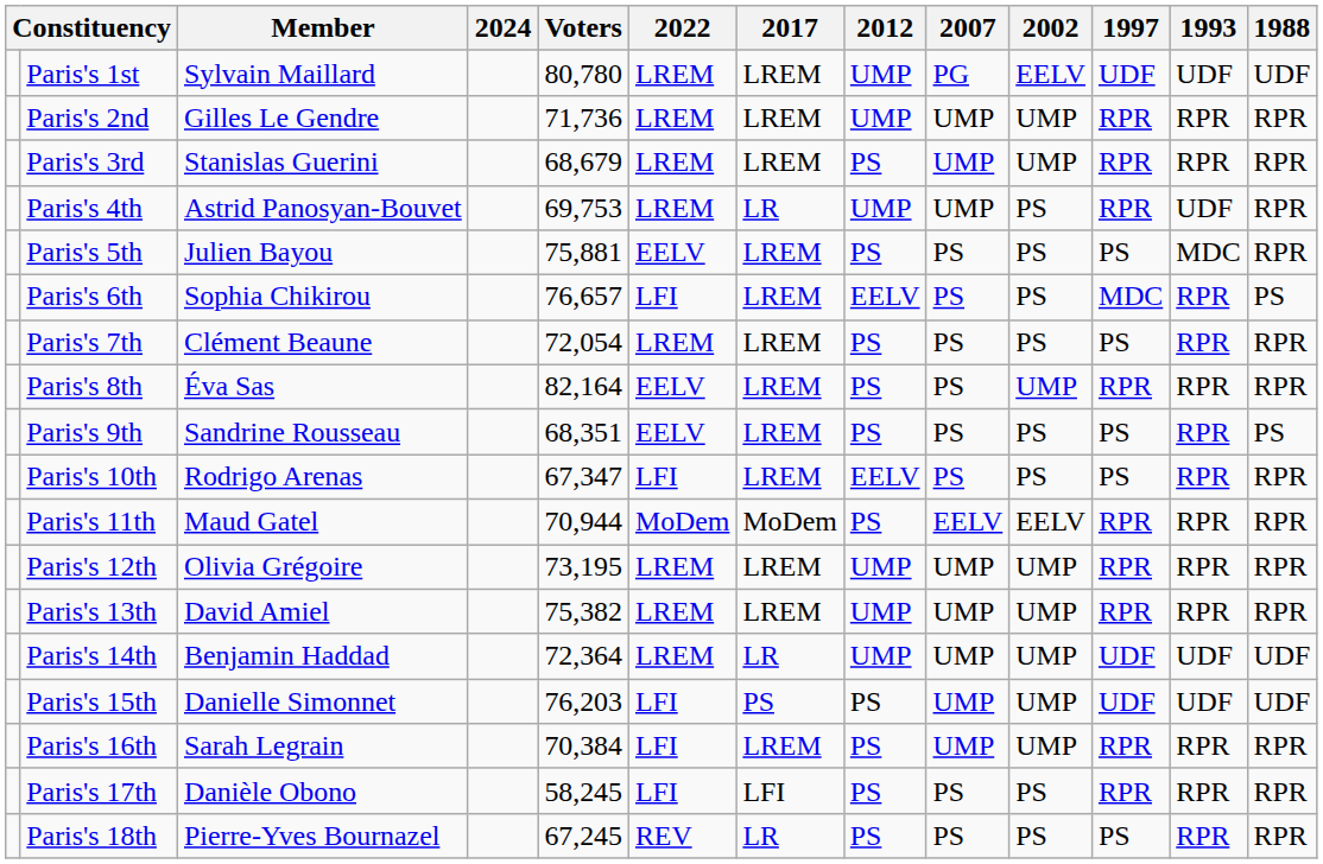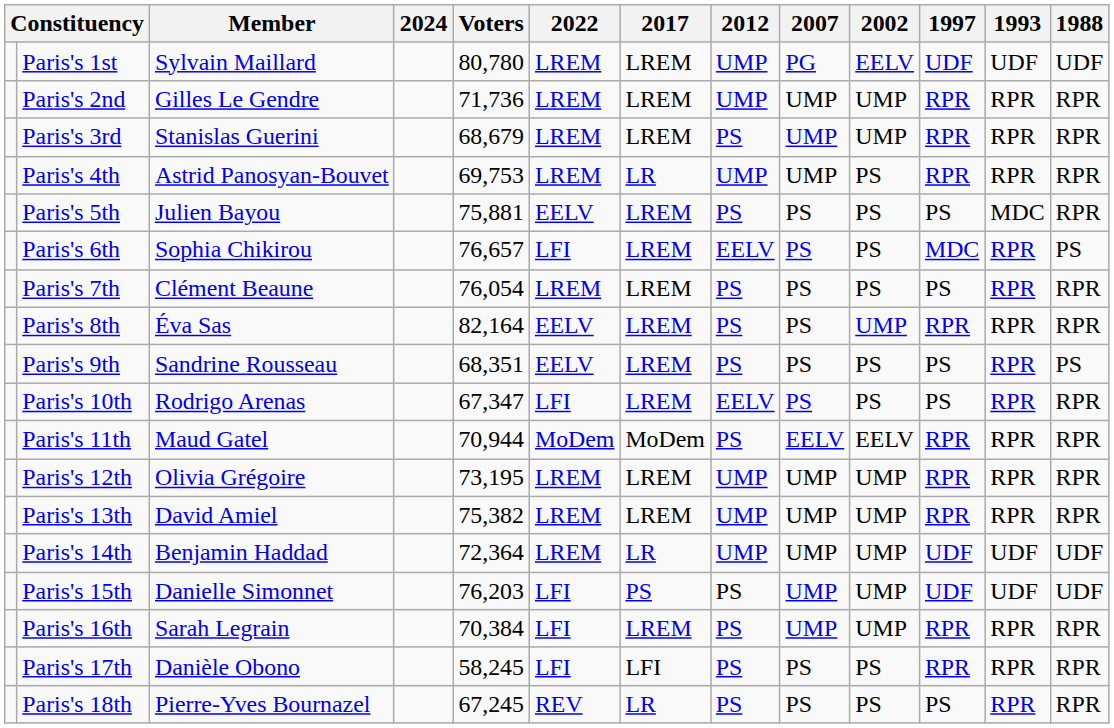 <table class="wikitable sortable">
 <tr>
 <th colspan="2">Constituency</th>
 <th>Member</th>
 <th>2024</th>
 <th>Voters</th>
 <th>2022</th>
 <th>2017</th>
 <th>2012</th>
 <th>2007</th>
 <th>2002</th>
 <th>1997</th>
 <th>1993</th>
 <th>1988</th>
 </tr>
 <tr>
 <td style="background-color: "></td>
 <td><a href='#'>Paris's 1st</a></td>
 <td><a href='#'>Sylvain Maillard</a></td>
 <td></td>
 <td>80,780</td>
 <td><a href='#'>LREM</a></td>
 <td>LREM</td>
 <td><a href='#'>UMP</a></td>
 <td><a href='#'>PG</a></td>
 <td><a href='#'>EELV</a></td>
 <td><a href='#'>UDF</a></td>
 <td>UDF</td>
 <td>UDF</td>
 </tr>
 <tr>
 <td style="background-color: "></td>
 <td><a href='#'>Paris's 2nd</a></td>
 <td><a href='#'>Gilles Le Gendre</a></td>
 <td></td>
 <td>71,736</td>
 <td><a href='#'>LREM</a></td>
 <td>LREM</td>
 <td><a href='#'>UMP</a></td>
 <td>UMP</td>
 <td>UMP</td>
 <td><a href='#'>RPR</a></td>
 <td>RPR</td>
 <td>RPR</td>
 </tr>
 <tr>
 <td style="background-color: "></td>
 <td><a href='#'>Paris's 3rd</a></td>
 <td><a href='#'>Stanislas Guerini</a></td>
 <td></td>
 <td>68,679</td>
 <td><a href='#'>LREM</a></td>
 <td>LREM</td>
 <td><a href='#'>PS</a></td>
 <td><a href='#'>UMP</a></td>
 <td>UMP</td>
 <td><a href='#'>RPR</a></td>
 <td>RPR</td>
 <td>RPR</td>
 </tr>
 <tr>
 <td style="background-color: "></td>
 <td><a href='#'>Paris's 4th</a></td>
 <td><a href='#'>Astrid Panosyan-Bouvet</a></td>
 <td></td>
 <td>69,753</td>
 <td><a href='#'>LREM</a></td>
 <td><a href='#'>LR</a></td>
 <td><a href='#'>UMP</a></td>
 <td>UMP</td>
 <td>PS</td>
 <td><a href='#'>RPR</a></td>
-<td>UDF</td>
+<td>RPR</td>
 <td>RPR</td>
 </tr>
 <tr>
 <td style="background-color: "></td>
 <td><a href='#'>Paris's 5th</a></td>
 <td><a href='#'>Julien Bayou</a></td>
 <td></td>
 <td>75,881</td>
 <td><a href='#'>EELV</a></td>
 <td><a href='#'>LREM</a></td>
 <td><a href='#'>PS</a></td>
 <td>PS</td>
 <td>PS</td>
 <td>PS</td>
 <td>MDC</td>
 <td>RPR</td>
 </tr>
 <tr>
 <td style="background-color: "></td>
 <td><a href='#'>Paris's 6th</a></td>
 <td><a href='#'>Sophia Chikirou</a></td>
 <td></td>
 <td>76,657</td>
 <td><a href='#'>LFI</a></td>
 <td><a href='#'>LREM</a></td>
 <td><a href='#'>EELV</a></td>
 <td><a href='#'>PS</a></td>
 <td>PS</td>
 <td><a href='#'>MDC</a></td>
 <td><a href='#'>RPR</a></td>
 <td>PS</td>
 </tr>
 <tr>
 <td style="background-color: "></td>
 <td><a href='#'>Paris's 7th</a></td>
 <td><a href='#'>Clément Beaune</a></td>
 <td></td>
-<td>72,054</td>
+<td>76,054</td>
 <td><a href='#'>LREM</a></td>
 <td>LREM</td>
 <td><a href='#'>PS</a></td>
 <td>PS</td>
 <td>PS</td>
 <td>PS</td>
 <td><a href='#'>RPR</a></td>
 <td>RPR</td>
 </tr>
 <tr>
 <td style="background-color: "></td>
 <td><a href='#'>Paris's 8th</a></td>
 <td><a href='#'>Éva Sas</a></td>
 <td></td>
 <td>82,164</td>
 <td><a href='#'>EELV</a></td>
 <td><a href='#'>LREM</a></td>
 <td><a href='#'>PS</a></td>
 <td>PS</td>
 <td><a href='#'>UMP</a></td>
 <td><a href='#'>RPR</a></td>
 <td>RPR</td>
 <td>RPR</td>
 </tr>
 <tr>
 <td style="background-color: "></td>
 <td><a href='#'>Paris's 9th</a></td>
 <td><a href='#'>Sandrine Rousseau</a></td>
 <td></td>
 <td>68,351</td>
 <td><a href='#'>EELV</a></td>
 <td><a href='#'>LREM</a></td>
 <td><a href='#'>PS</a></td>
 <td>PS</td>
 <td>PS</td>
 <td>PS</td>
 <td><a href='#'>RPR</a></td>
 <td>PS</td>
 </tr>
 <tr>
 <td style="background-color: "></td>
 <td><a href='#'>Paris's 10th</a></td>
 <td><a href='#'>Rodrigo Arenas</a></td>
 <td></td>
 <td>67,347</td>
 <td><a href='#'>LFI</a></td>
 <td><a href='#'>LREM</a></td>
 <td><a href='#'>EELV</a></td>
 <td><a href='#'>PS</a></td>
 <td>PS</td>
 <td>PS</td>
 <td><a href='#'>RPR</a></td>
 <td>RPR</td>
 </tr>
 <tr>
 <td style="background-color: "></td>
 <td><a href='#'>Paris's 11th</a></td>
 <td><a href='#'>Maud Gatel</a></td>
 <td></td>
 <td>70,944</td>
 <td><a href='#'>MoDem</a></td>
 <td>MoDem</td>
 <td><a href='#'>PS</a></td>
 <td><a href='#'>EELV</a></td>
 <td>EELV</td>
 <td><a href='#'>RPR</a></td>
 <td>RPR</td>
 <td>RPR</td>
 </tr>
 <tr>
 <td style="background-color: "></td>
 <td><a href='#'>Paris's 12th</a></td>
 <td><a href='#'>Olivia Grégoire</a></td>
 <td></td>
 <td>73,195</td>
 <td><a href='#'>LREM</a></td>
 <td>LREM</td>
 <td><a href='#'>UMP</a></td>
 <td>UMP</td>
 <td>UMP</td>
 <td><a href='#'>RPR</a></td>
 <td>RPR</td>
 <td>RPR</td>
 </tr>
 <tr>
 <td style="background-color: "></td>
 <td><a href='#'>Paris's 13th</a></td>
 <td><a href='#'>David Amiel</a></td>
 <td></td>
 <td>75,382</td>
 <td><a href='#'>LREM</a></td>
 <td>LREM</td>
 <td><a href='#'>UMP</a></td>
 <td>UMP</td>
 <td>UMP</td>
 <td><a href='#'>RPR</a></td>
 <td>RPR</td>
 <td>RPR</td>
 </tr>
 <tr>
 <td style="background-color: "></td>
 <td><a href='#'>Paris's 14th</a></td>
 <td><a href='#'>Benjamin Haddad</a></td>
 <td></td>
 <td>72,364</td>
 <td><a href='#'>LREM</a></td>
 <td><a href='#'>LR</a></td>
 <td><a href='#'>UMP</a></td>
 <td>UMP</td>
 <td>UMP</td>
 <td><a href='#'>UDF</a></td>
 <td>UDF</td>
 <td>UDF</td>
 </tr>
 <tr>
 <td style="background-color: "></td>
 <td><a href='#'>Paris's 15th</a></td>
 <td><a href='#'>Danielle Simonnet</a></td>
 <td></td>
 <td>76,203</td>
 <td><a href='#'>LFI</a></td>
 <td><a href='#'>PS</a></td>
 <td>PS</td>
 <td><a href='#'>UMP</a></td>
 <td>UMP</td>
 <td><a href='#'>UDF</a></td>
 <td>UDF</td>
 <td>UDF</td>
 </tr>
 <tr>
 <td style="background-color: "></td>
 <td><a href='#'>Paris's 16th</a></td>
 <td><a href='#'>Sarah Legrain</a></td>
 <td></td>
 <td>70,384</td>
 <td><a href='#'>LFI</a></td>
 <td><a href='#'>LREM</a></td>
 <td><a href='#'>PS</a></td>
 <td><a href='#'>UMP</a></td>
 <td>UMP</td>
 <td><a href='#'>RPR</a></td>
 <td>RPR</td>
 <td>RPR</td>
 </tr>
 <tr>
 <td style="background-color: "></td>
 <td><a href='#'>Paris's 17th</a></td>
 <td><a href='#'>Danièle Obono</a></td>
 <td></td>
 <td>58,245</td>
 <td><a href='#'>LFI</a></td>
 <td>LFI</td>
 <td><a href='#'>PS</a></td>
 <td>PS</td>
 <td>PS</td>
 <td><a href='#'>RPR</a></td>
 <td>RPR</td>
 <td>RPR</td>
 </tr>
 <tr>
 <td style="background-color: "></td>
 <td><a href='#'>Paris's 18th</a></td>
 <td><a href='#'>Pierre-Yves Bournazel</a></td>
 <td></td>
 <td>67,245</td>
 <td><a href='#'>REV</a></td>
 <td><a href='#'>LR</a></td>
 <td><a href='#'>PS</a></td>
 <td>PS</td>
 <td>PS</td>
 <td>PS</td>
 <td><a href='#'>RPR</a></td>
 <td>RPR</td>
 </tr>
 </table>
